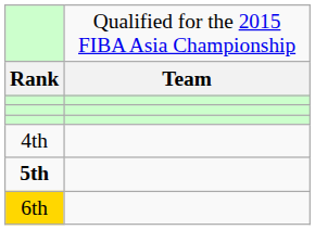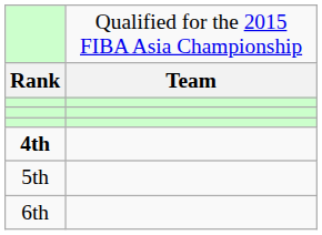 <table class=wikitable style="text-align:center;">
 <tr>
 <td width=5px bgcolor="#ccffcc"></td>
 <td>Qualified for the <a href='#'>2015 FIBA Asia Championship</a></td>
 </tr>
 <tr>
 <th>Rank</th>
 <th width=180>Team</th>
 </tr>
 <tr bgcolor="#ccffcc">
 <td></td>
 <td align=left></td>
 </tr>
 <tr bgcolor="#ccffcc">
 <td></td>
 <td align=left></td>
 </tr>
 <tr bgcolor="#ccffcc">
 <td></td>
 <td align=left></td>
 </tr>
 <tr>
-<td>4th</td>
+<td><strong>4th</strong></td>
 <td align=left></td>
 </tr>
 <tr>
-<td><strong>5th</strong></td>
+<td>5th</td>
 <td align=left></td>
 </tr>
 <tr>
-<td style="background: gold;">6th</td>
+<td>6th</td>
 <td align=left></td>
 </tr>
 </table>
